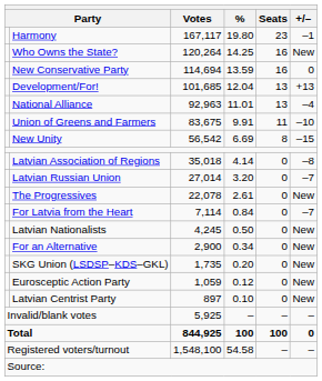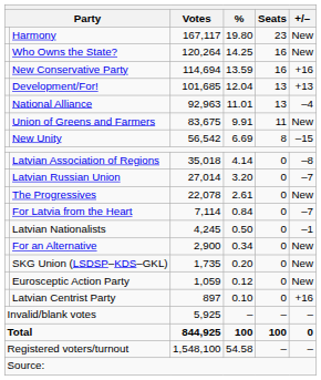 <table class="wikitable" style="text-align:right">
 <tr>
 <th colspan="6"></th>
 </tr>
 <tr>
 <th colspan="2">Party</th>
 <th>Votes</th>
 <th>%</th>
 <th>Seats</th>
 <th>+/–</th>
 </tr>
 <tr>
 <td></td>
 <td align="left"><a href='#'>Harmony</a></td>
 <td>167,117</td>
 <td>19.80</td>
 <td>23</td>
-<td>–1</td>
+<td>New</td>
 </tr>
 <tr>
 <td></td>
 <td align="left"><a href='#'>Who Owns the State?</a></td>
 <td>120,264</td>
 <td>14.25</td>
 <td>16</td>
 <td>New</td>
 </tr>
 <tr>
 <td></td>
 <td align="left"><a href='#'>New Conservative Party</a></td>
 <td>114,694</td>
 <td>13.59</td>
 <td>16</td>
-<td>0</td>
+<td>+16</td>
 </tr>
 <tr>
 <td></td>
 <td align="left"><a href='#'>Development/For!</a></td>
 <td>101,685</td>
 <td>12.04</td>
 <td>13</td>
 <td>+13</td>
 </tr>
 <tr>
 <td></td>
 <td align="left"><a href='#'>National Alliance</a></td>
 <td>92,963</td>
 <td>11.01</td>
 <td>13</td>
 <td>–4</td>
 </tr>
 <tr>
 <td></td>
 <td align="left"><a href='#'>Union of Greens and Farmers</a></td>
 <td>83,675</td>
 <td>9.91</td>
 <td>11</td>
-<td>–10</td>
+<td>New</td>
 </tr>
 <tr>
 <td></td>
 <td align="left"><a href='#'>New Unity</a></td>
 <td>56,542</td>
 <td>6.69</td>
 <td>8</td>
 <td>–15</td>
 </tr>
 <tr>
 <td colspan="6"></td>
 </tr>
 <tr>
 <td></td>
 <td align="left"><a href='#'>Latvian Association of Regions</a></td>
 <td>35,018</td>
 <td>4.14</td>
 <td>0</td>
 <td>–8</td>
 </tr>
 <tr>
 <td></td>
 <td align="left"><a href='#'>Latvian Russian Union</a></td>
 <td>27,014</td>
 <td>3.20</td>
 <td>0</td>
 <td>–7</td>
 </tr>
 <tr>
 <td></td>
 <td align="left"><a href='#'>The Progressives</a></td>
 <td>22,078</td>
 <td>2.61</td>
 <td>0</td>
 <td>New</td>
 </tr>
 <tr>
 <td></td>
 <td align="left"><a href='#'>For Latvia from the Heart</a></td>
 <td>7,114</td>
 <td>0.84</td>
 <td>0</td>
 <td>–7</td>
 </tr>
 <tr>
 <td></td>
 <td align="left">Latvian Nationalists</td>
 <td>4,245</td>
 <td>0.50</td>
 <td>0</td>
-<td>New</td>
+<td>–1</td>
 </tr>
 <tr>
 <td></td>
 <td align="left"><a href='#'>For an Alternative</a></td>
 <td>2,900</td>
 <td>0.34</td>
 <td>0</td>
 <td>New</td>
 </tr>
 <tr>
 <td></td>
 <td align="left">SKG Union (<a href='#'>LSDSP</a>–<a href='#'>KDS</a>–GKL)</td>
 <td>1,735</td>
 <td>0.20</td>
 <td>0</td>
 <td>New</td>
 </tr>
 <tr>
 <td></td>
 <td align="left">Eurosceptic Action Party</td>
 <td>1,059</td>
 <td>0.12</td>
 <td>0</td>
 <td>New</td>
 </tr>
 <tr>
 <td></td>
 <td align="left">Latvian Centrist Party</td>
 <td>897</td>
 <td>0.10</td>
 <td>0</td>
-<td>New</td>
+<td>+16</td>
 </tr>
 <tr>
 <td colspan="2" align="left">Invalid/blank votes</td>
 <td>5,925</td>
 <td>–</td>
 <td>–</td>
 <td>–</td>
 </tr>
 <tr>
 <td colspan="2" align="left"><strong>Total</strong></td>
 <td><strong>844,925</strong></td>
 <td><strong>100</strong></td>
 <td><strong>100</strong></td>
 <td><strong>0</strong></td>
 </tr>
 <tr>
 <td colspan="2" align="left">Registered voters/turnout</td>
 <td>1,548,100</td>
 <td>54.58</td>
 <td>–</td>
 <td>–</td>
 </tr>
 <tr>
 <td colspan="7" align="left">Source: </td>
 </tr>
 </table>
